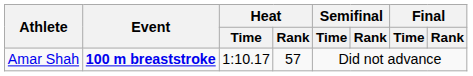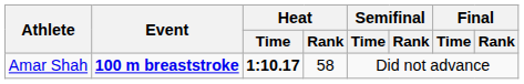 <table class=wikitable style="font-size:90%">
 <tr>
 <th rowspan="2">Athlete</th>
 <th rowspan="2">Event</th>
 <th colspan="2">Heat</th>
 <th colspan="2">Semifinal</th>
 <th colspan="2">Final</th>
 </tr>
 <tr style="font-size:95%">
 <th>Time</th>
 <th>Rank</th>
 <th>Time</th>
 <th>Rank</th>
 <th>Time</th>
 <th>Rank</th>
 </tr>
 <tr align=center>
 <td align=left><a href='#'>Amar Shah</a></td>
 <td align=left><strong><a href='#'>100 m breaststroke</a></strong></td>
-<td>1:10.17</td>
-<td>57</td>
+<td><strong>1:10.17</strong></td>
+<td>58</td>
 <td colspan=4>Did not advance</td>
 </tr>
 </table>
